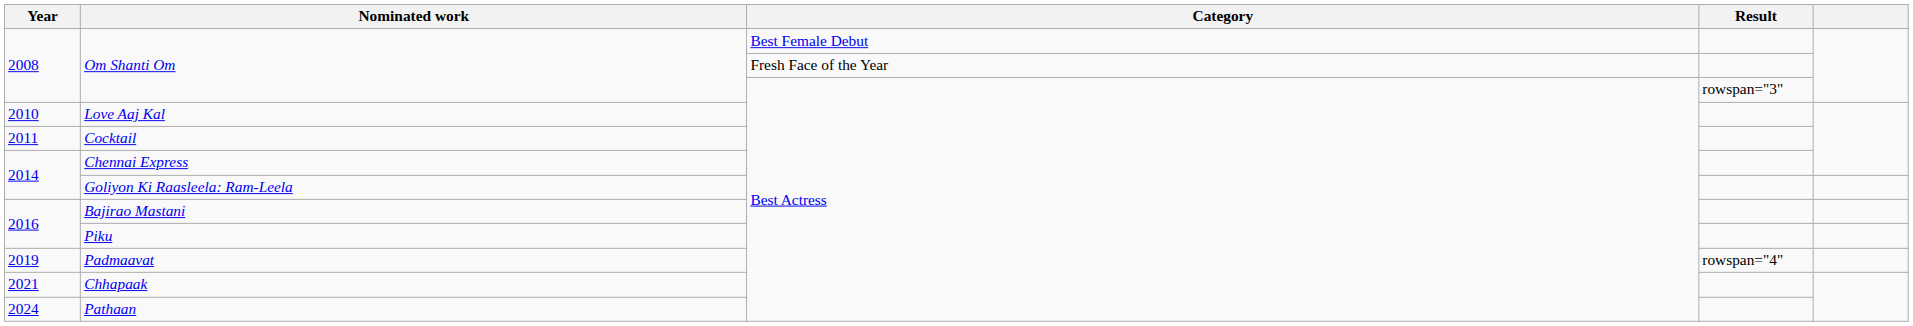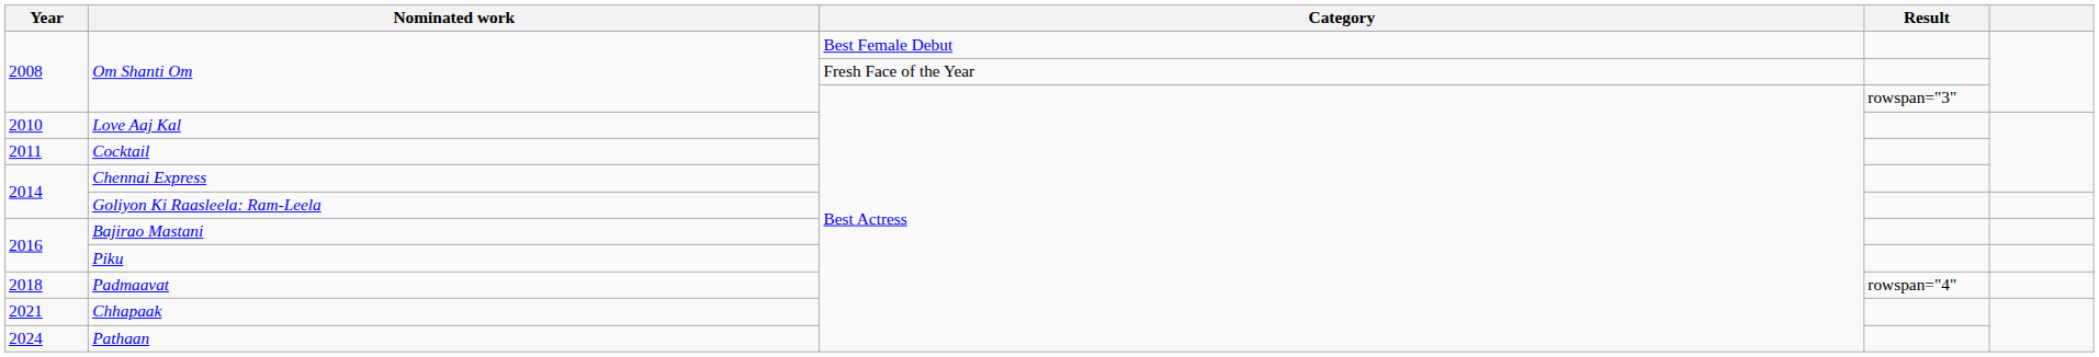 <table class="wikitable" style="width:100%;">
 <tr>
 <th scope="col" style="width:4%;">Year</th>
 <th scope="col" style="width:35%;">Nominated work</th>
 <th scope="col" style="width:50%;">Category</th>
 <th scope="col" style="width:6%;">Result</th>
 <th scope="col" style="width:5%;"></th>
 </tr>
 <tr>
 <td rowspan="3"><a href='#'>2008</a></td>
 <td rowspan="3"><em><a href='#'>Om Shanti Om</a></em></td>
 <td><a href='#'>Best Female Debut</a></td>
 <td></td>
 <td style="text-align:center;" rowspan="3"></td>
 </tr>
 <tr>
 <td>Fresh Face of the Year</td>
 <td></td>
 </tr>
 <tr>
 <td rowspan="11"><a href='#'>Best Actress</a></td>
 <td>rowspan="3" </td>
 </tr>
 <tr>
 <td><a href='#'>2010</a></td>
 <td><em><a href='#'>Love Aaj Kal</a></em></td>
 <td style="text-align:center;"></td>
 </tr>
 <tr>
 <td><a href='#'>2011</a></td>
 <td><em><a href='#'>Cocktail</a></em></td>
 <td style="text-align:center;"></td>
 </tr>
 <tr>
 <td rowspan="2"><a href='#'>2014</a></td>
 <td><em><a href='#'>Chennai Express</a></em></td>
 <td style="text-align:center;"></td>
 </tr>
 <tr>
 <td><em><a href='#'>Goliyon Ki Raasleela: Ram-Leela</a></em></td>
 <td></td>
 <td style="text-align:center;"></td>
 </tr>
 <tr>
 <td rowspan="2"><a href='#'>2016</a></td>
 <td><em><a href='#'>Bajirao Mastani</a></em></td>
 <td></td>
 <td style="text-align:center;"></td>
 </tr>
 <tr>
 <td><em><a href='#'>Piku</a></em></td>
 <td></td>
 <td style="text-align:center;"></td>
 </tr>
 <tr>
-<td><a href='#'>2019</a></td>
+<td><a href='#'>2018</a></td>
 <td><em><a href='#'>Padmaavat</a></em></td>
 <td>rowspan="4" </td>
 <td style="text-align:center;"></td>
 </tr>
 <tr>
 <td><a href='#'>2021</a></td>
 <td><em><a href='#'>Chhapaak</a></em></td>
 <td style="text-align:center;"></td>
 </tr>
 <tr>
 <td><a href='#'>2024</a></td>
 <td><a href='#'><em>Pathaan</em></a></td>
 <td style="text-align:center;"></td>
 </tr>
 </table>
